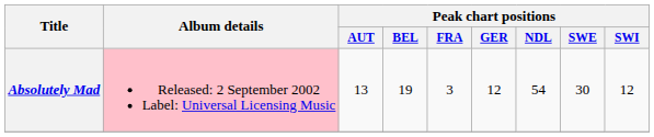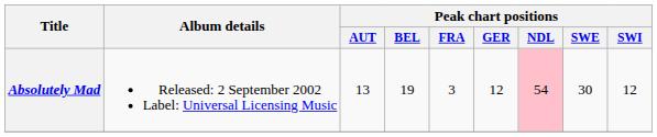 <table class="wikitable plainrowheaders" style="text-align:center;" border="1">
 <tr>
 <th scope="col" rowspan="2">Title</th>
 <th scope="col" rowspan="2">Album details</th>
 <th scope="col" colspan="7">Peak chart positions</th>
 </tr>
 <tr>
 <th scope="col" style="width:3em;font-size:90%;"><a href='#'>AUT</a><br></th>
 <th scope="col" style="width:3em;font-size:90%;"><a href='#'>BEL</a><br></th>
 <th scope="col" style="width:3em;font-size:90%;"><a href='#'>FRA</a><br></th>
 <th scope="col" style="width:3em;font-size:90%;"><a href='#'>GER</a><br></th>
 <th scope="col" style="width:3em;font-size:90%;"><a href='#'>NDL</a><br></th>
 <th scope="col" style="width:3em;font-size:90%;"><a href='#'>SWE</a><br></th>
 <th scope="col" style="width:3em;font-size:90%;"><a href='#'>SWI</a><br></th>
 </tr>
 <tr>
 <th scope="row"><em><a href='#'>Absolutely Mad</a></em><br></th>
-<td style="background: pink;"><br><ul><li>Released: 2 September 2002</li><li>Label: <a href='#'>Universal Licensing Music</a></li></ul></td>
+<td><br><ul><li>Released: 2 September 2002</li><li>Label: <a href='#'>Universal Licensing Music</a></li></ul></td>
 <td align="center">13</td>
 <td align="center">19</td>
 <td align="center">3</td>
 <td align="center">12</td>
-<td align="center">54</td>
+<td align="center" style="background: pink;">54</td>
 <td align="center">30</td>
 <td align="center">12</td>
 </tr>
 <tr>
 </tr>
 </table>
